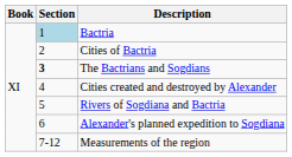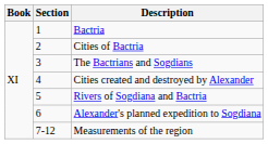 <table class="wikitable" style="max-width:45em;">
 <tr>
 <th>Book</th>
 <th>Section</th>
 <th>Description</th>
 </tr>
 <tr>
 <td rowspan="7">XI</td>
-<td style="background: lightblue;">1</td>
+<td>1</td>
 <td><a href='#'>Bactria</a></td>
 </tr>
 <tr>
 <td>2</td>
 <td>Cities of <a href='#'>Bactria</a></td>
 </tr>
 <tr>
-<td><strong>3</strong></td>
+<td>3</td>
 <td>The <a href='#'>Bactrians</a> and <a href='#'>Sogdians</a></td>
 </tr>
 <tr>
 <td>4</td>
 <td>Cities created and destroyed by <a href='#'>Alexander</a></td>
 </tr>
 <tr>
 <td>5</td>
 <td><a href='#'>Rivers</a> of <a href='#'>Sogdiana</a> and <a href='#'>Bactria</a></td>
 </tr>
 <tr>
 <td>6</td>
 <td><a href='#'>Alexander</a>'s planned expedition to <a href='#'>Sogdiana</a></td>
 </tr>
 <tr>
 <td>7-12</td>
 <td>Measurements of the region</td>
 </tr>
 </table>
